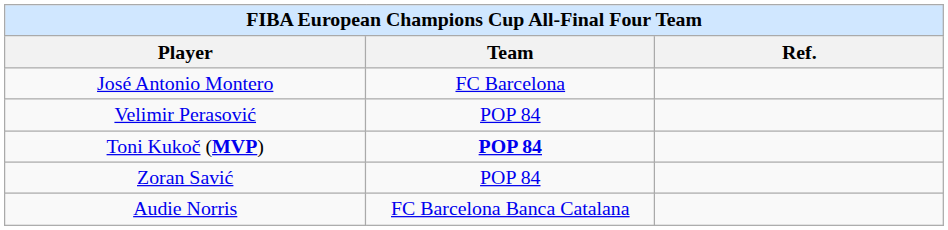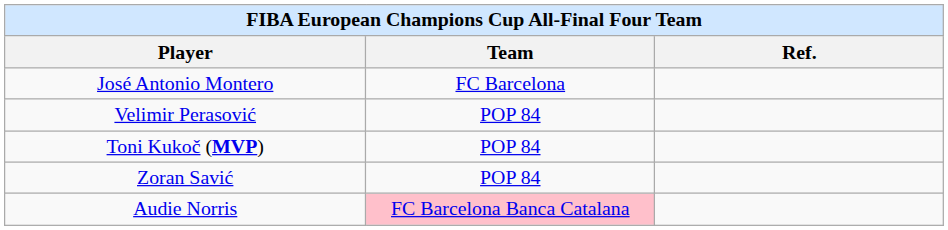 <table class="wikitable" style="text-align: center;" width="60%">
 <tr>
 <td colspan=4 bgcolor="#D0E7FF"><strong>FIBA European Champions Cup All-Final Four Team</strong></td>
 </tr>
 <tr>
 <th width=25%>Player</th>
 <th width=20%>Team</th>
 <th width=20%>Ref.</th>
 </tr>
 <tr>
 <td align="center"> <a href='#'>José Antonio Montero</a></td>
 <td><a href='#'>FC Barcelona</a></td>
 <td></td>
 </tr>
 <tr>
 <td align="center"> <a href='#'>Velimir Perasović</a></td>
 <td><a href='#'>POP 84</a></td>
 <td></td>
 </tr>
 <tr>
 <td align="center"> <a href='#'>Toni Kukoč</a> (<strong><a href='#'>MVP</a></strong>)</td>
-<td><strong><a href='#'>POP 84</a></strong></td>
+<td><a href='#'>POP 84</a></td>
 <td></td>
 </tr>
 <tr>
 <td align="center"> <a href='#'>Zoran Savić</a></td>
 <td><a href='#'>POP 84</a></td>
 <td></td>
 </tr>
 <tr>
 <td align="center"> <a href='#'>Audie Norris</a></td>
-<td><a href='#'>FC Barcelona Banca Catalana</a></td>
+<td style="background: pink;"><a href='#'>FC Barcelona Banca Catalana</a></td>
 <td></td>
 </tr>
 </table>
